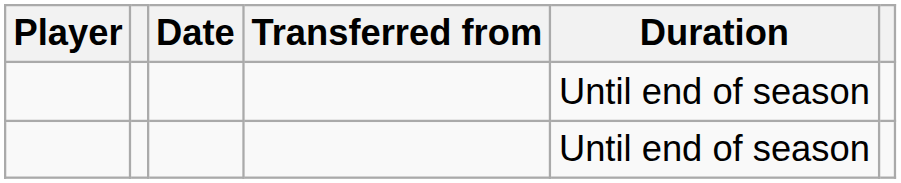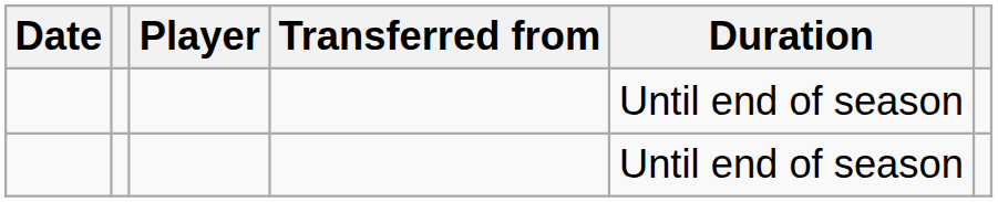 <table class="wikitable plainrowheaders sortable">
 <tr>
+<th scope="col">Date</th>
+<th scope="col"></th>
 <th scope="col">Player</th>
-<th scope="col"></th>
-<th scope="col">Date</th>
 <th scope="col">Transferred from</th>
 <th scope="col">Duration</th>
 <th scope="col" class="unsortable"></th>
 </tr>
 <tr>
 <td></td>
 <td align=center></td>
 <td></td>
 <td></td>
 <td>Until end of season</td>
 <td></td>
 </tr>
 <tr>
 <td></td>
 <td align=center></td>
 <td></td>
 <td></td>
 <td>Until end of season</td>
 <td></td>
 </tr>
 </table>
